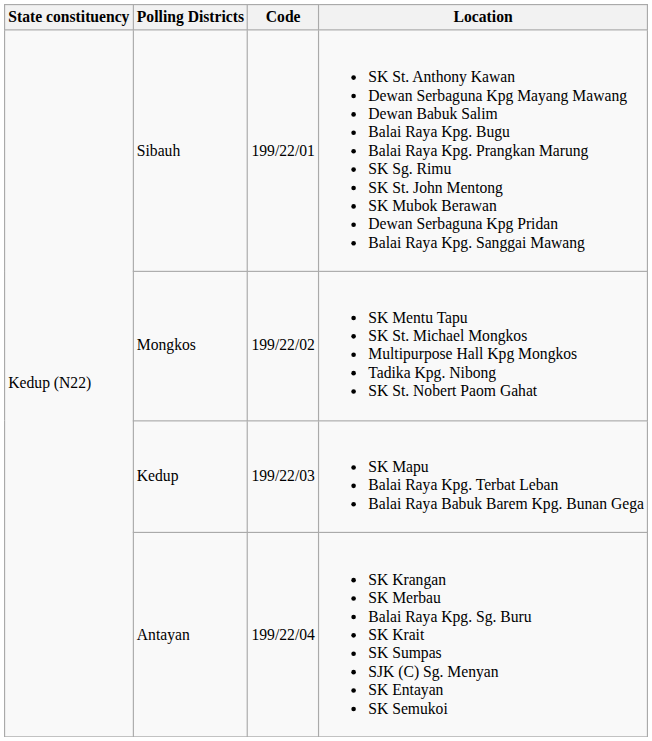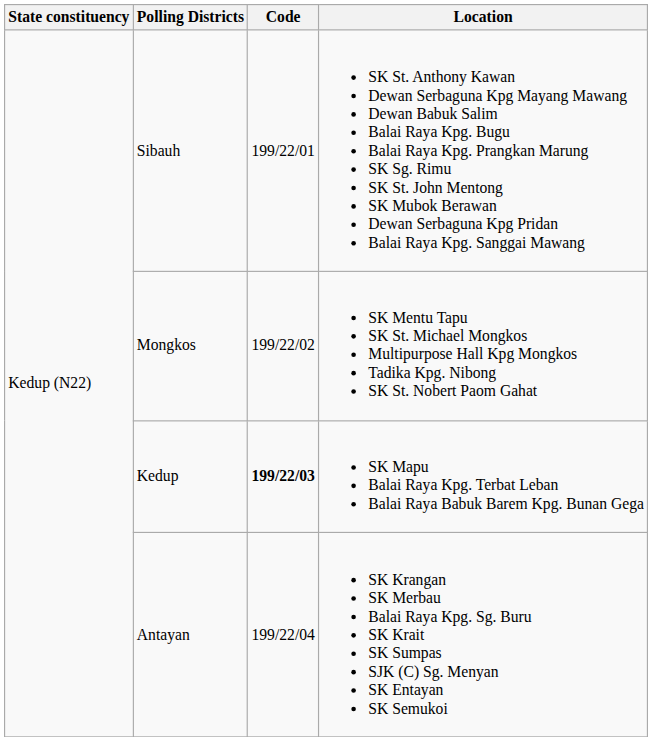 <table class="wikitable sortable mw-collapsible" style="white-space:nowrap;font-size:85%">
 <tr>
 <th>State constituency</th>
 <th>Polling Districts</th>
 <th>Code</th>
 <th>Location</th>
 </tr>
 <tr>
 <td rowspan="4">Kedup (N22)</td>
 <td>Sibauh</td>
 <td>199/22/01</td>
 <td><br><ul><li>SK St. Anthony Kawan</li><li>Dewan Serbaguna Kpg Mayang Mawang</li><li>Dewan Babuk Salim</li><li>Balai Raya Kpg. Bugu</li><li>Balai Raya Kpg. Prangkan Marung</li><li>SK Sg. Rimu</li><li>SK St. John Mentong</li><li>SK Mubok Berawan</li><li>Dewan Serbaguna Kpg Pridan</li><li>Balai Raya Kpg. Sanggai Mawang</li></ul></td>
 </tr>
 <tr>
 <td>Mongkos</td>
 <td>199/22/02</td>
 <td><br><ul><li>SK Mentu Tapu</li><li>SK St. Michael Mongkos</li><li>Multipurpose Hall Kpg Mongkos</li><li>Tadika Kpg. Nibong</li><li>SK St. Nobert Paom Gahat</li></ul></td>
 </tr>
 <tr>
 <td>Kedup</td>
-<td>199/22/03</td>
+<td><strong>199/22/03</strong></td>
 <td><br><ul><li>SK Mapu</li><li>Balai Raya Kpg. Terbat Leban</li><li>Balai Raya Babuk Barem Kpg. Bunan Gega</li></ul></td>
 </tr>
 <tr>
 <td>Antayan</td>
 <td>199/22/04</td>
 <td><br><ul><li>SK Krangan</li><li>SK Merbau</li><li>Balai Raya Kpg. Sg. Buru</li><li>SK Krait</li><li>SK Sumpas</li><li>SJK (C) Sg. Menyan</li><li>SK Entayan</li><li>SK Semukoi</li></ul></td>
 </tr>
 <tr>
 </tr>
 </table>
